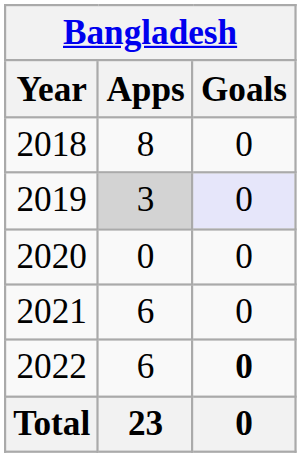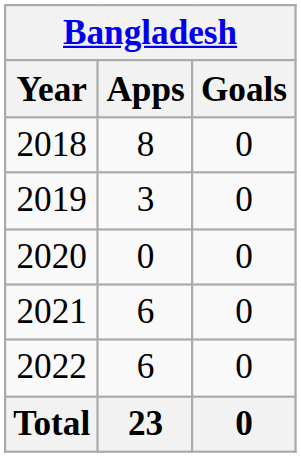 <table class="wikitable" style="text-align:center">
 <tr>
 <th colspan=3><a href='#'>Bangladesh</a></th>
 </tr>
 <tr>
 <th>Year</th>
 <th>Apps</th>
 <th>Goals</th>
 </tr>
 <tr>
 <td>2018</td>
 <td>8</td>
 <td>0</td>
 </tr>
 <tr>
 <td>2019</td>
-<td style="background: lightgrey;">3</td>
-<td style="background: lavender;">0</td>
+<td>3</td>
+<td>0</td>
 </tr>
 <tr>
 <td>2020</td>
 <td>0</td>
 <td>0</td>
 </tr>
 <tr>
 <td>2021</td>
 <td>6</td>
 <td>0</td>
 </tr>
 <tr>
 <td>2022</td>
 <td>6</td>
-<td><strong>0</strong></td>
+<td>0</td>
 </tr>
 <tr>
 <th>Total</th>
 <th>23</th>
 <th>0</th>
 </tr>
 </table>
